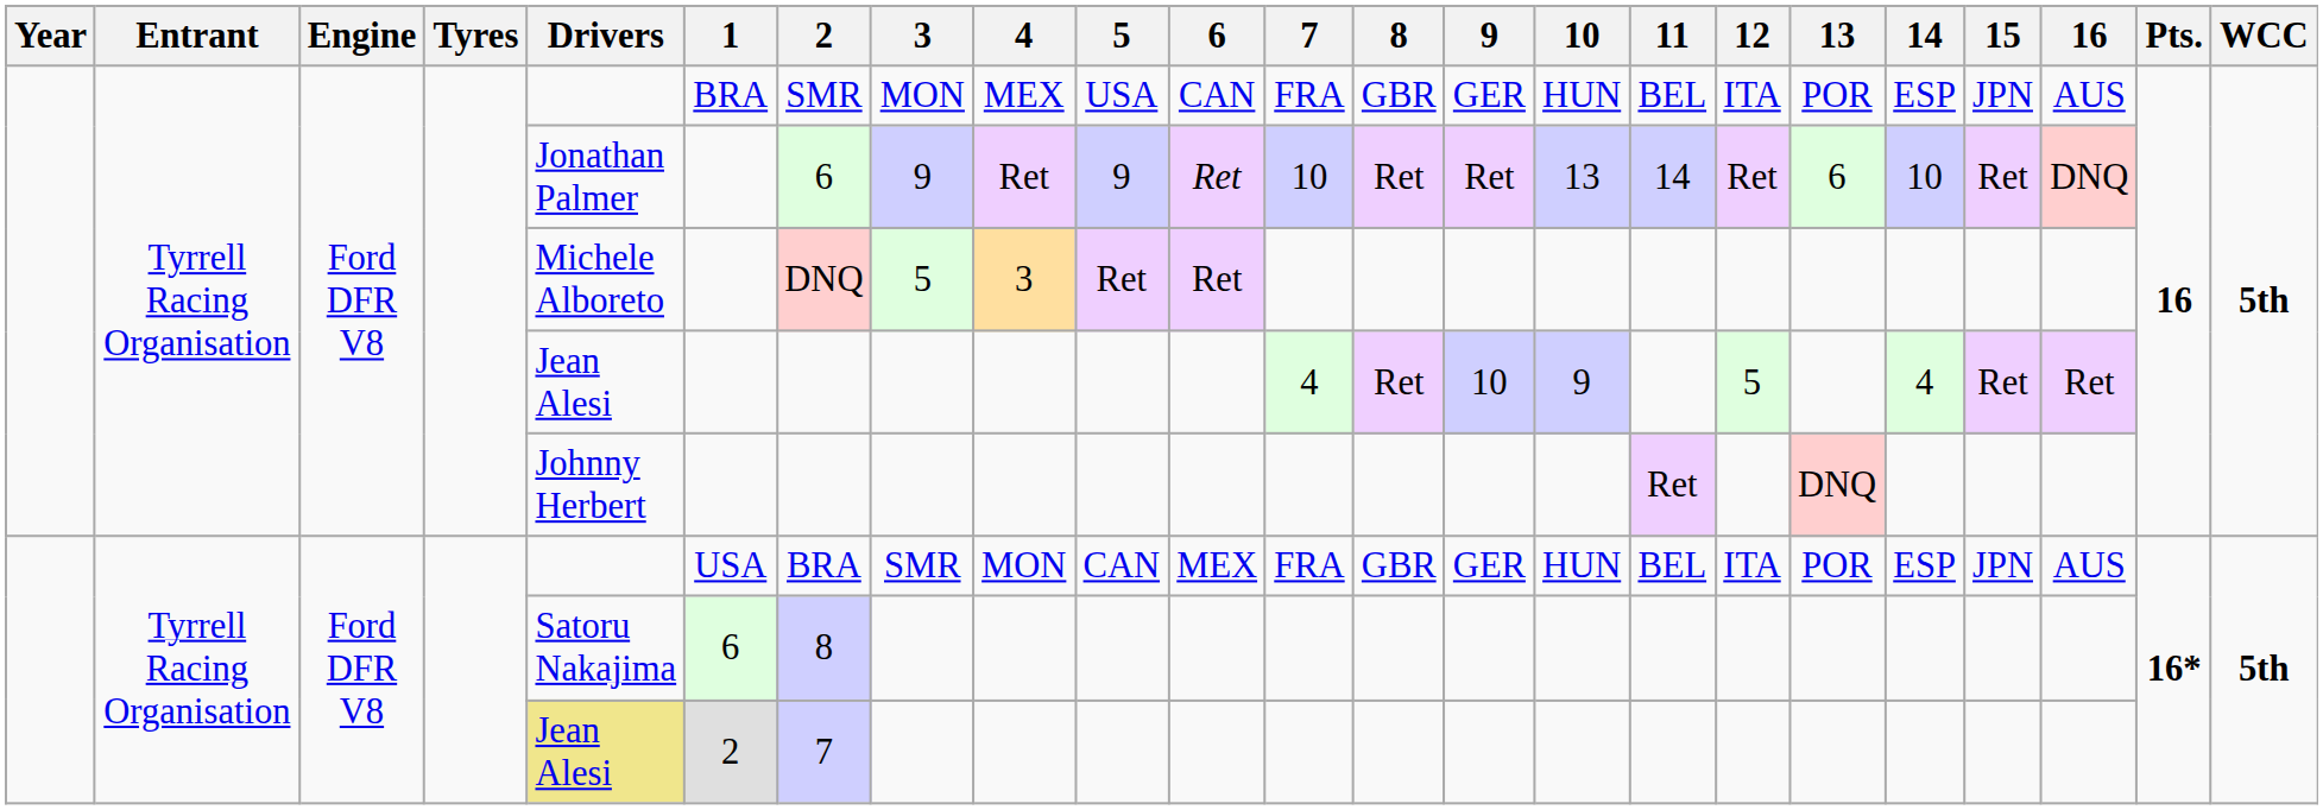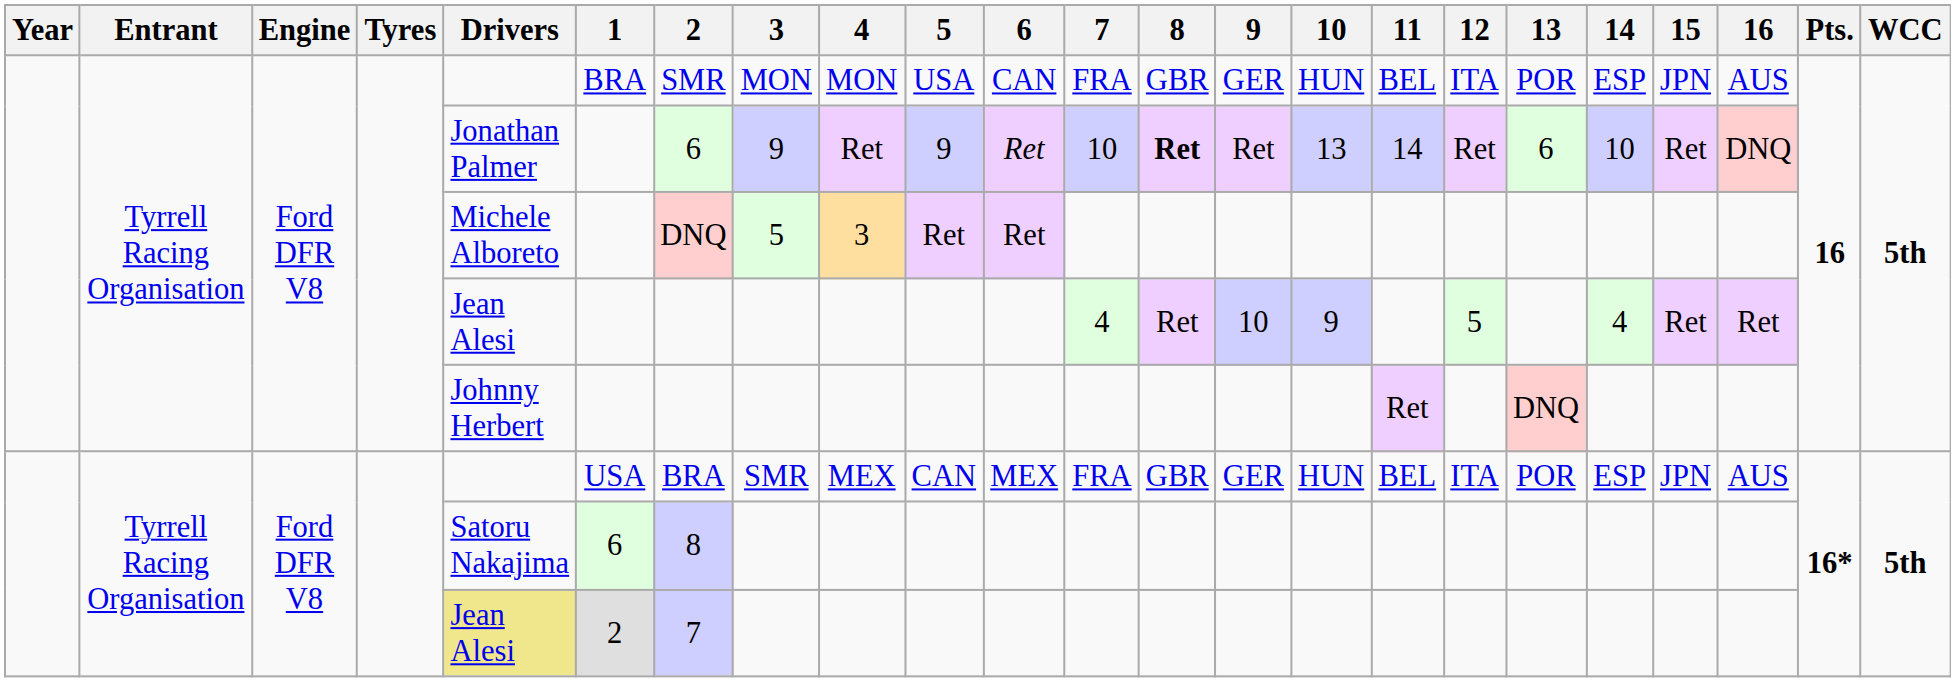 <table class="wikitable" style="text-align:center; font-size:95%">
 <tr>
 <th>Year</th>
 <th>Entrant</th>
 <th>Engine</th>
 <th>Tyres</th>
 <th>Drivers</th>
 <th>1</th>
 <th>2</th>
 <th>3</th>
 <th>4</th>
 <th>5</th>
 <th>6</th>
 <th>7</th>
 <th>8</th>
 <th>9</th>
 <th>10</th>
 <th>11</th>
 <th>12</th>
 <th>13</th>
 <th>14</th>
 <th>15</th>
 <th>16</th>
 <th>Pts.</th>
 <th>WCC</th>
 </tr>
 <tr>
 <td rowspan="5"></td>
 <td rowspan="5"><a href='#'>Tyrrell Racing Organisation</a></td>
 <td rowspan="5"><a href='#'>Ford DFR</a><br><a href='#'>V8</a></td>
 <td rowspan="5"></td>
 <td></td>
 <td><a href='#'>BRA</a></td>
 <td><a href='#'>SMR</a></td>
 <td><a href='#'>MON</a></td>
-<td><a href='#'>MEX</a></td>
+<td><a href='#'>MON</a></td>
 <td><a href='#'>USA</a></td>
 <td><a href='#'>CAN</a></td>
 <td><a href='#'>FRA</a></td>
 <td><a href='#'>GBR</a></td>
 <td><a href='#'>GER</a></td>
 <td><a href='#'>HUN</a></td>
 <td><a href='#'>BEL</a></td>
 <td><a href='#'>ITA</a></td>
 <td><a href='#'>POR</a></td>
 <td><a href='#'>ESP</a></td>
 <td><a href='#'>JPN</a></td>
 <td><a href='#'>AUS</a></td>
 <td rowspan="5"><strong>16</strong></td>
 <td rowspan="5"><strong>5th</strong></td>
 </tr>
 <tr>
 <td align="left"><a href='#'>Jonathan Palmer</a></td>
 <td></td>
 <td style="background:#dfffdf;">6</td>
 <td style="background:#cfcfff;">9</td>
 <td style="background:#efcfff;">Ret</td>
 <td style="background:#cfcfff;">9</td>
 <td style="background:#efcfff;"><em>Ret</em></td>
 <td style="background:#cfcfff;">10</td>
-<td style="background:#efcfff;">Ret</td>
+<td style="background:#efcfff;"><strong>Ret</strong></td>
 <td style="background:#efcfff;">Ret</td>
 <td style="background:#cfcfff;">13</td>
 <td style="background:#cfcfff;">14</td>
 <td style="background:#efcfff;">Ret</td>
 <td style="background:#dfffdf;">6</td>
 <td style="background:#cfcfff;">10</td>
 <td style="background:#efcfff;">Ret</td>
 <td style="background:#ffcfcf;">DNQ</td>
 </tr>
 <tr>
 <td align="left"><a href='#'>Michele Alboreto</a></td>
 <td></td>
 <td style="background:#ffcfcf;">DNQ</td>
 <td style="background:#dfffdf;">5</td>
 <td style="background:#ffdf9f;">3</td>
 <td style="background:#efcfff;">Ret</td>
 <td style="background:#efcfff;">Ret</td>
 <td></td>
 <td></td>
 <td></td>
 <td></td>
 <td></td>
 <td></td>
 <td></td>
 <td></td>
 <td></td>
 <td></td>
 </tr>
 <tr>
 <td align="left"><a href='#'>Jean Alesi</a></td>
 <td></td>
 <td></td>
 <td></td>
 <td></td>
 <td></td>
 <td></td>
 <td style="background:#dfffdf;">4</td>
 <td style="background:#efcfff;">Ret</td>
 <td style="background:#cfcfff;">10</td>
 <td style="background:#cfcfff;">9</td>
 <td></td>
 <td style="background:#dfffdf;">5</td>
 <td></td>
 <td style="background:#dfffdf;">4</td>
 <td style="background:#efcfff;">Ret</td>
 <td style="background:#efcfff;">Ret</td>
 </tr>
 <tr>
 <td align="left"><a href='#'>Johnny Herbert</a></td>
 <td></td>
 <td></td>
 <td></td>
 <td></td>
 <td></td>
 <td></td>
 <td></td>
 <td></td>
 <td></td>
 <td></td>
 <td style="background:#efcfff;">Ret</td>
 <td></td>
 <td style="background:#ffcfcf;">DNQ</td>
 <td></td>
 <td></td>
 <td></td>
 </tr>
 <tr>
 <td rowspan="3"></td>
 <td rowspan="3"><a href='#'>Tyrrell Racing Organisation</a></td>
 <td rowspan="3"><a href='#'>Ford DFR</a><br><a href='#'>V8</a></td>
 <td rowspan="3"></td>
 <td></td>
 <td><a href='#'>USA</a></td>
 <td><a href='#'>BRA</a></td>
 <td><a href='#'>SMR</a></td>
-<td><a href='#'>MON</a></td>
+<td><a href='#'>MEX</a></td>
 <td><a href='#'>CAN</a></td>
 <td><a href='#'>MEX</a></td>
 <td><a href='#'>FRA</a></td>
 <td><a href='#'>GBR</a></td>
 <td><a href='#'>GER</a></td>
 <td><a href='#'>HUN</a></td>
 <td><a href='#'>BEL</a></td>
 <td><a href='#'>ITA</a></td>
 <td><a href='#'>POR</a></td>
 <td><a href='#'>ESP</a></td>
 <td><a href='#'>JPN</a></td>
 <td><a href='#'>AUS</a></td>
 <td rowspan="3"><strong>16*</strong></td>
 <td rowspan="3"><strong>5th</strong></td>
 </tr>
 <tr>
 <td align="left"><a href='#'>Satoru Nakajima</a></td>
 <td style="background:#dfffdf;">6</td>
 <td style="background:#cfcfff;">8</td>
 <td></td>
 <td></td>
 <td></td>
 <td></td>
 <td></td>
 <td></td>
 <td></td>
 <td></td>
 <td></td>
 <td></td>
 <td></td>
 <td></td>
 <td></td>
 <td></td>
 </tr>
 <tr>
 <td align="left" style="background: khaki;"><a href='#'>Jean Alesi</a></td>
 <td style="background:#dfdfdf;">2</td>
 <td style="background:#cfcfff;">7</td>
 <td></td>
 <td></td>
 <td></td>
 <td></td>
 <td></td>
 <td></td>
 <td></td>
 <td></td>
 <td></td>
 <td></td>
 <td></td>
 <td></td>
 <td></td>
 <td></td>
 </tr>
 </table>
